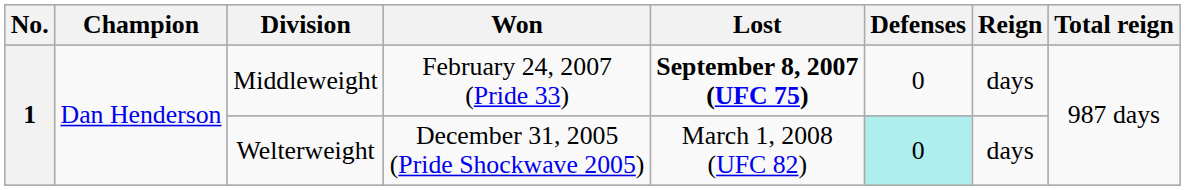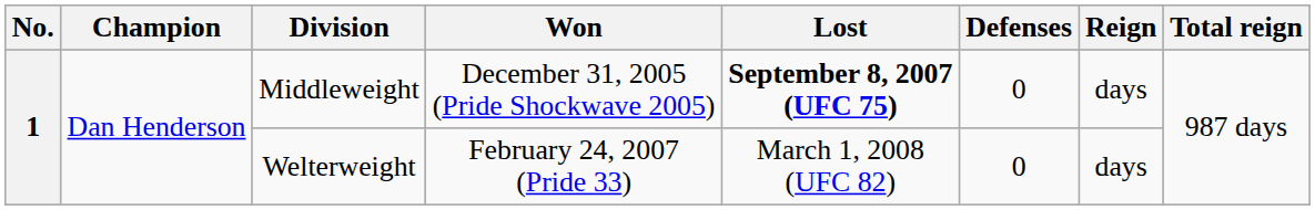 <table class="wikitable">
 <tr>
 <th>No.</th>
 <th>Champion</th>
 <th>Division</th>
 <th>Won</th>
 <th>Lost</th>
 <th>Defenses</th>
 <th>Reign</th>
 <th>Total reign</th>
 </tr>
 <tr>
 <th rowspan=2>1</th>
 <td align=left rowspan="2"> <a href='#'>Dan Henderson</a></td>
 <td align=center>Middleweight</td>
-<td align=center>February 24, 2007 <br> (<a href='#'>Pride 33</a>)</td>
+<td align=center>December 31, 2005 <br> (<a href='#'>Pride Shockwave 2005</a>)</td>
 <td align=center><strong>September 8, 2007 <br> (<a href='#'>UFC 75</a>)</strong></td>
 <td align=center>0</td>
 <td align=center> days</td>
 <td rowspan=2 align=center>987 days</td>
 </tr>
 <tr>
 <td align=center>Welterweight</td>
-<td align=center>December 31, 2005 <br> (<a href='#'>Pride Shockwave 2005</a>)</td>
+<td align=center>February 24, 2007 <br> (<a href='#'>Pride 33</a>)</td>
 <td align=center>March 1, 2008 <br> (<a href='#'>UFC 82</a>)</td>
-<td align=center style="background: paleturquoise;">0</td>
+<td align=center>0</td>
 <td align=center> days</td>
 </tr>
 </table>
